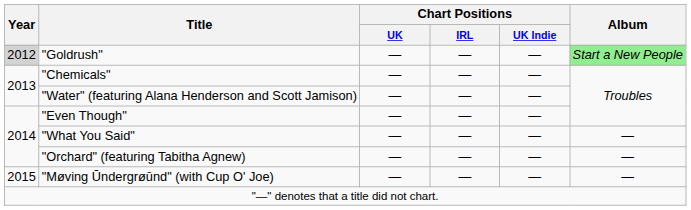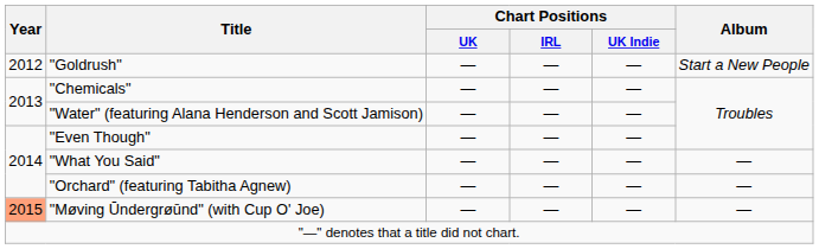 <table class="wikitable" style="text-align:center;">
 <tr>
 <th rowspan="2">Year</th>
 <th rowspan="2">Title</th>
 <th colspan="3">Chart Positions</th>
 <th rowspan="2">Album</th>
 </tr>
 <tr>
 <th width="80"><small><a href='#'>UK</a></small></th>
 <th width="80"><small><a href='#'>IRL</a></small></th>
 <th width="80"><small><a href='#'>UK Indie</a></small></th>
 </tr>
 <tr>
-<td style="background: lightgrey;">2012</td>
+<td>2012</td>
 <td style="text-align:left;">"Goldrush"</td>
 <td align="center">—</td>
 <td align="center">—</td>
 <td align="center">—</td>
-<td align="center" style="background: lightgreen;"><em>Start a New People</em></td>
+<td align="center"><em>Start a New People</em></td>
 </tr>
 <tr>
 <td rowspan="2">2013</td>
 <td style="text-align:left;">"Chemicals"</td>
 <td align="center">—</td>
 <td align="center">—</td>
 <td align="center">—</td>
 <td rowspan="3" align="center"><em>Troubles</em></td>
 </tr>
 <tr>
 <td style="text-align:left;">"Water" (featuring Alana Henderson and Scott Jamison)</td>
 <td align="center">—</td>
 <td align="center">—</td>
 <td align="center">—</td>
 </tr>
 <tr>
 <td rowspan="3">2014</td>
 <td style="text-align:left;">"Even Though"</td>
 <td align="center">—</td>
 <td align="center">—</td>
 <td align="center">—</td>
 </tr>
 <tr>
 <td style="text-align:left;">"What You Said"</td>
 <td align="center">—</td>
 <td align="center">—</td>
 <td align="center">—</td>
 <td align="center">—</td>
 </tr>
 <tr>
 <td style="text-align:left;">"Orchard" (featuring Tabitha Agnew)</td>
 <td align="center">—</td>
 <td align="center">—</td>
 <td align="center">—</td>
 <td align="center">—</td>
 </tr>
 <tr>
-<td rowspan="1">2015</td>
+<td rowspan="1" style="background: lightsalmon;">2015</td>
 <td style="text-align:left;">"Møving Ūndergrøūnd" (with Cup O' Joe)</td>
 <td align="center">—</td>
 <td align="center">—</td>
 <td align="center">—</td>
 <td rowspan="1" align="center">—</td>
 </tr>
 <tr>
 <td colspan="7" style="font-size:90%">"—" denotes that a title did not chart.</td>
 </tr>
 </table>
